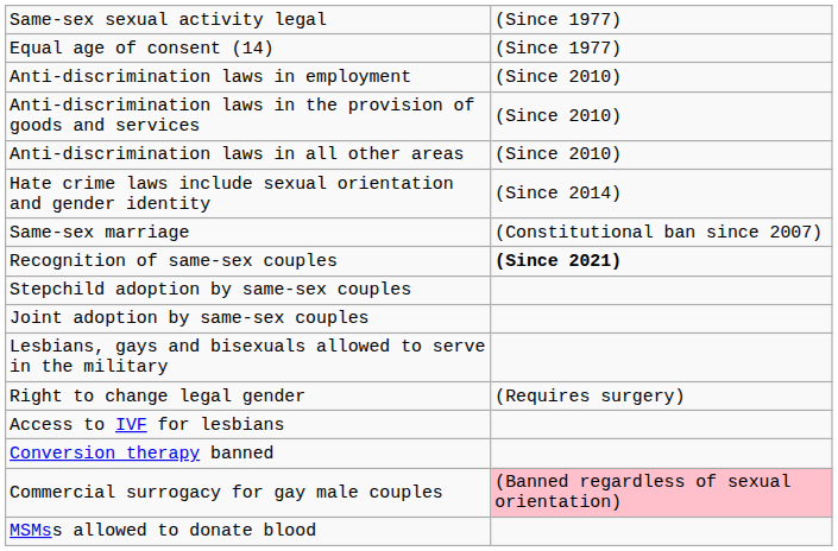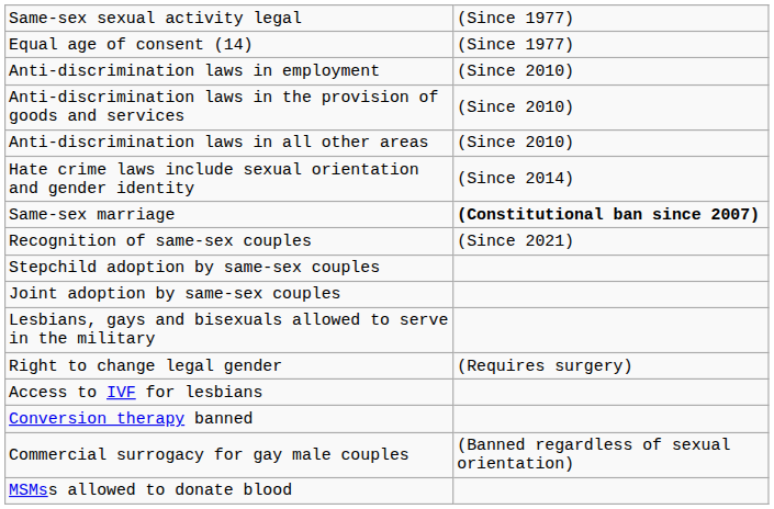 <table class="wikitable">
 <tr>
 <td>Same-sex sexual activity legal</td>
 <td> (Since 1977)</td>
 </tr>
 <tr>
 <td>Equal age of consent (14)</td>
 <td> (Since 1977)</td>
 </tr>
 <tr>
 <td>Anti-discrimination laws in employment</td>
 <td> (Since 2010)</td>
 </tr>
 <tr>
 <td>Anti-discrimination laws in the provision of goods and services</td>
 <td> (Since 2010)</td>
 </tr>
 <tr>
 <td>Anti-discrimination laws in all other areas</td>
 <td> (Since 2010)</td>
 </tr>
 <tr>
 <td>Hate crime laws include sexual orientation and gender identity</td>
 <td> (Since 2014)</td>
 </tr>
 <tr>
 <td>Same-sex marriage</td>
-<td> (Constitutional ban since 2007)</td>
+<td><strong> (Constitutional ban since 2007)</strong></td>
 </tr>
 <tr>
 <td>Recognition of same-sex couples</td>
-<td><strong> (Since 2021)</strong></td>
+<td> (Since 2021)</td>
 </tr>
 <tr>
 <td>Stepchild adoption by same-sex couples</td>
 <td></td>
 </tr>
 <tr>
 <td>Joint adoption by same-sex couples</td>
 <td></td>
 </tr>
 <tr>
 <td>Lesbians, gays and bisexuals allowed to serve in the military</td>
 <td></td>
 </tr>
 <tr>
 <td>Right to change legal gender</td>
 <td> (Requires surgery)</td>
 </tr>
 <tr>
 <td>Access to <a href='#'>IVF</a> for lesbians</td>
 <td></td>
 </tr>
 <tr>
 <td><a href='#'>Conversion therapy</a> banned</td>
 <td></td>
 </tr>
 <tr>
 <td>Commercial surrogacy for gay male couples</td>
-<td style="background: pink;"> (Banned regardless of sexual orientation)</td>
+<td> (Banned regardless of sexual orientation)</td>
 </tr>
 <tr>
 <td><a href='#'>MSMs</a>s allowed to donate blood</td>
 <td></td>
 </tr>
 </table>
